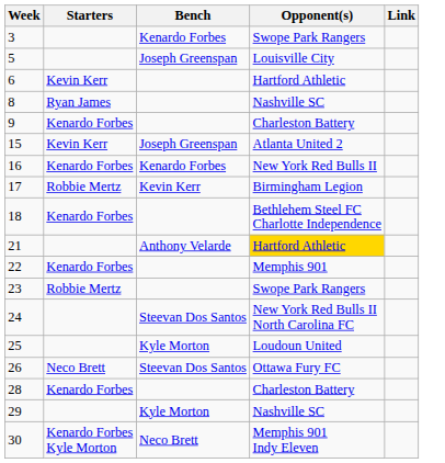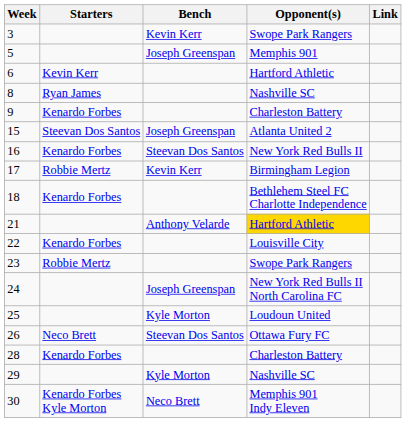 <table class=wikitable style="display:inline-table;">
 <tr>
 <th>Week</th>
 <th>Starters</th>
 <th>Bench</th>
 <th>Opponent(s)</th>
 <th>Link</th>
 </tr>
 <tr>
 <td>3</td>
 <td></td>
-<td> <a href='#'>Kenardo Forbes</a></td>
+<td> <a href='#'>Kevin Kerr</a></td>
 <td><a href='#'>Swope Park Rangers</a></td>
 <td></td>
 </tr>
 <tr>
 <td>5</td>
 <td></td>
 <td> <a href='#'>Joseph Greenspan</a></td>
-<td><a href='#'>Louisville City</a></td>
+<td><a href='#'>Memphis 901</a></td>
 <td></td>
 </tr>
 <tr>
 <td>6</td>
 <td> <a href='#'>Kevin Kerr</a></td>
 <td></td>
 <td><a href='#'>Hartford Athletic</a></td>
 <td></td>
 </tr>
 <tr>
 <td>8</td>
 <td> <a href='#'>Ryan James</a></td>
 <td></td>
 <td><a href='#'>Nashville SC</a></td>
 <td></td>
 </tr>
 <tr>
 <td>9</td>
 <td> <a href='#'>Kenardo Forbes</a></td>
 <td></td>
 <td><a href='#'>Charleston Battery</a></td>
 <td></td>
 </tr>
 <tr>
 <td>15</td>
-<td> <a href='#'>Kevin Kerr</a></td>
+<td> <a href='#'>Steevan Dos Santos</a></td>
 <td> <a href='#'>Joseph Greenspan</a></td>
 <td><a href='#'>Atlanta United 2</a></td>
 <td></td>
 </tr>
 <tr>
 <td>16</td>
 <td> <a href='#'>Kenardo Forbes</a></td>
-<td> <a href='#'>Kenardo Forbes</a></td>
+<td> <a href='#'>Steevan Dos Santos</a></td>
 <td><a href='#'>New York Red Bulls II</a></td>
 <td></td>
 </tr>
 <tr>
 <td>17</td>
 <td> <a href='#'>Robbie Mertz</a></td>
 <td> <a href='#'>Kevin Kerr</a></td>
 <td><a href='#'>Birmingham Legion</a></td>
 <td></td>
 </tr>
 <tr>
 <td>18</td>
 <td> <a href='#'>Kenardo Forbes</a></td>
 <td></td>
 <td><a href='#'>Bethlehem Steel FC</a><br><a href='#'>Charlotte Independence</a></td>
 <td></td>
 </tr>
 <tr>
 <td>21</td>
 <td></td>
 <td> <a href='#'>Anthony Velarde</a></td>
 <td style="background: gold;"><a href='#'>Hartford Athletic</a></td>
 <td></td>
 </tr>
 <tr>
 <td>22</td>
 <td> <a href='#'>Kenardo Forbes</a></td>
 <td></td>
-<td><a href='#'>Memphis 901</a></td>
+<td><a href='#'>Louisville City</a></td>
 <td></td>
 </tr>
 <tr>
 <td>23</td>
 <td> <a href='#'>Robbie Mertz</a></td>
 <td></td>
 <td><a href='#'>Swope Park Rangers</a></td>
 <td></td>
 </tr>
 <tr>
 <td>24</td>
 <td></td>
-<td> <a href='#'>Steevan Dos Santos</a></td>
+<td> <a href='#'>Joseph Greenspan</a></td>
 <td><a href='#'>New York Red Bulls II</a><br><a href='#'>North Carolina FC</a></td>
 <td></td>
 </tr>
 <tr>
 <td>25</td>
 <td></td>
 <td> <a href='#'>Kyle Morton</a></td>
 <td><a href='#'>Loudoun United</a></td>
 <td></td>
 </tr>
 <tr>
 <td>26</td>
 <td> <a href='#'>Neco Brett</a></td>
 <td> <a href='#'>Steevan Dos Santos</a></td>
 <td><a href='#'>Ottawa Fury FC</a></td>
 <td></td>
 </tr>
 <tr>
 <td>28</td>
 <td> <a href='#'>Kenardo Forbes</a></td>
 <td></td>
 <td><a href='#'>Charleston Battery</a></td>
 <td></td>
 </tr>
 <tr>
 <td>29</td>
 <td></td>
 <td> <a href='#'>Kyle Morton</a></td>
 <td><a href='#'>Nashville SC</a></td>
 <td></td>
 </tr>
 <tr>
 <td>30</td>
 <td> <a href='#'>Kenardo Forbes</a><br> <a href='#'>Kyle Morton</a></td>
 <td> <a href='#'>Neco Brett</a></td>
 <td><a href='#'>Memphis 901</a><br><a href='#'>Indy Eleven</a></td>
 <td></td>
 </tr>
 </table>
